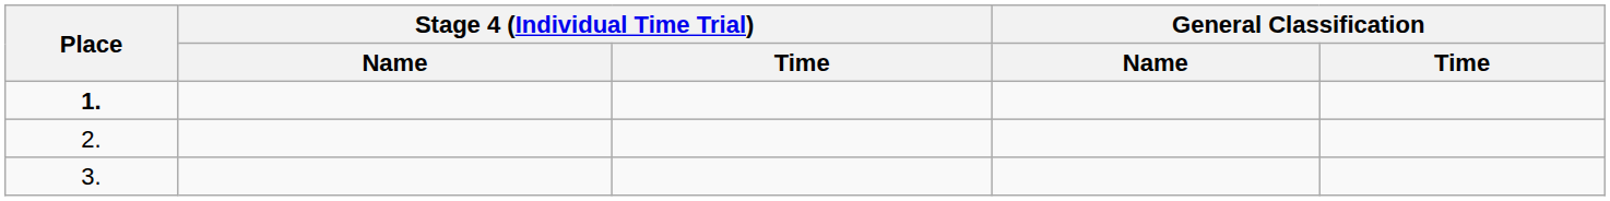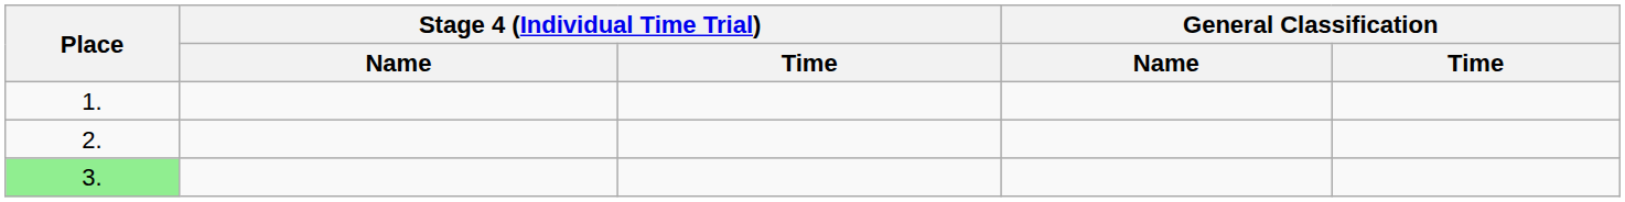 <table class=wikitable style="font-size:95%" width="80%">
 <tr>
 <th rowspan="2">Place</th>
 <th colspan="2">Stage 4 (<a href='#'>Individual Time Trial</a>)</th>
 <th colspan="2">General Classification</th>
 </tr>
 <tr>
 <th>Name</th>
 <th>Time</th>
 <th>Name</th>
 <th>Time</th>
 </tr>
 <tr>
-<td align="center"><strong>1.</strong></td>
+<td align="center">1.</td>
 <td></td>
 <td></td>
 <td></td>
 <td></td>
 </tr>
 <tr>
 <td align="center">2.</td>
 <td></td>
 <td></td>
 <td></td>
 <td></td>
 </tr>
 <tr>
-<td align="center">3.</td>
+<td align="center" style="background: lightgreen;">3.</td>
 <td></td>
 <td></td>
 <td></td>
 <td></td>
 </tr>
 </table>
